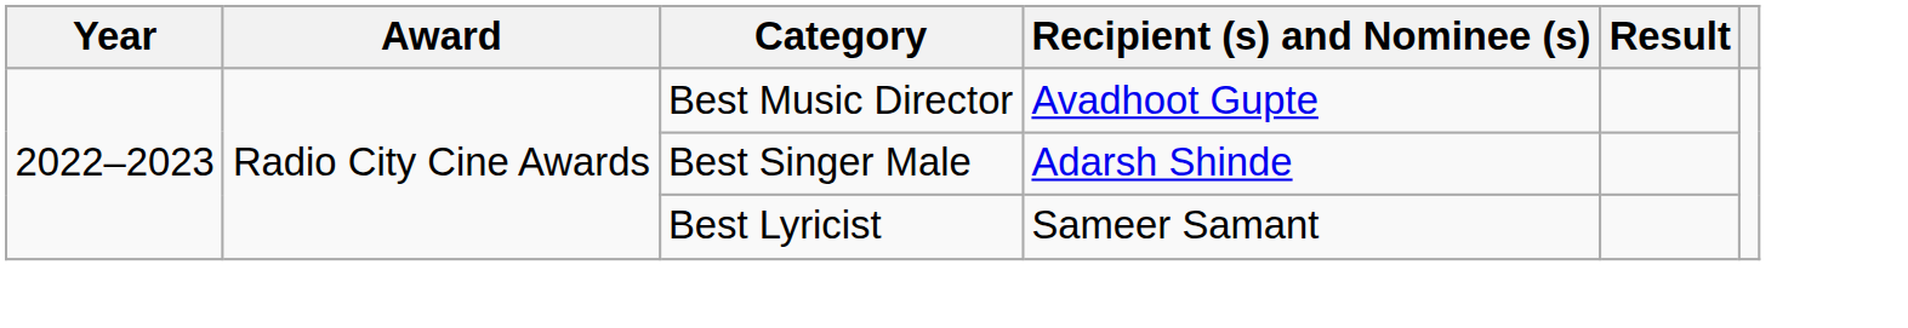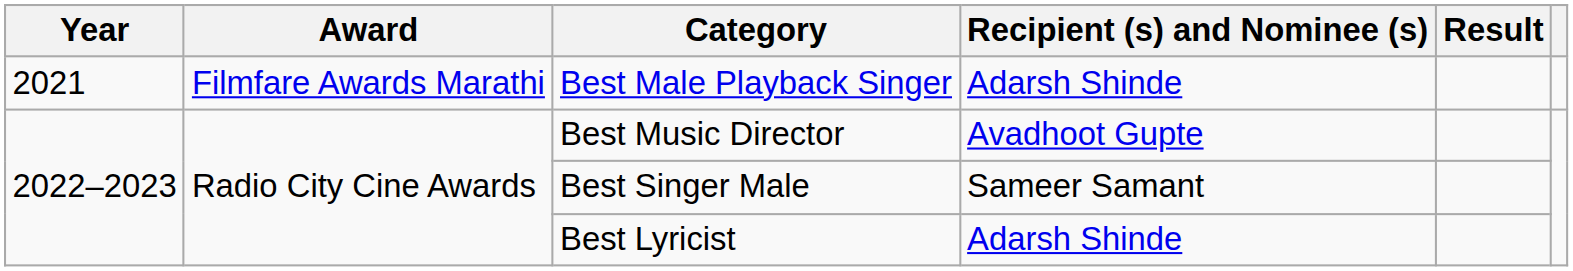 <table class="wikitable sortable">
 <tr>
 <th>Year</th>
 <th>Award</th>
 <th>Category</th>
 <th>Recipient (s) and Nominee (s)</th>
 <th>Result</th>
 <th></th>
+</tr>
+<tr>
+<td>2021</td>
+<td><a href='#'>Filmfare Awards Marathi</a></td>
+<td><a href='#'>Best Male Playback Singer</a></td>
+<td><a href='#'>Adarsh Shinde</a></td>
+<td></td>
+<td></td>
 </tr>
 <tr>
 <td rowspan="3">2022–2023</td>
 <td rowspan="3">Radio City Cine Awards</td>
 <td>Best Music Director</td>
 <td><a href='#'>Avadhoot Gupte</a></td>
 <td></td>
 <td rowspan="3"></td>
 </tr>
 <tr>
 <td>Best Singer Male</td>
-<td><a href='#'>Adarsh Shinde</a></td>
+<td>Sameer Samant</td>
 <td></td>
 </tr>
 <tr>
 <td>Best Lyricist</td>
-<td>Sameer Samant</td>
+<td><a href='#'>Adarsh Shinde</a></td>
 <td></td>
 </tr>
 </table>
